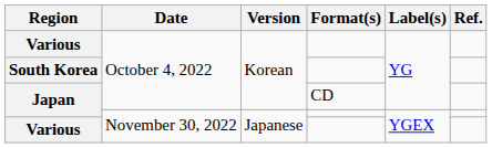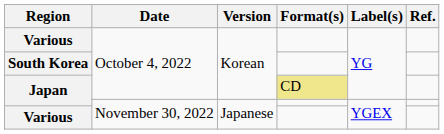 <table class="wikitable plainrowheaders">
 <tr>
 <th scope="col">Region</th>
 <th scope="col">Date</th>
 <th scope="col">Version</th>
 <th scope="col">Format(s)</th>
 <th scope="col">Label(s)</th>
 <th scope="col">Ref.</th>
 </tr>
 <tr>
 <th scope="row">Various</th>
 <td rowspan="3">October 4, 2022</td>
 <td rowspan="3">Korean</td>
 <td></td>
 <td rowspan="3"><a href='#'>YG</a></td>
 <td align="center"></td>
 </tr>
 <tr>
 <th scope="row">South Korea</th>
 <td></td>
 <td align="center"></td>
 </tr>
 <tr>
 <th rowspan="2" scope="row">Japan</th>
-<td>CD</td>
+<td style="background: khaki;">CD</td>
 <td align="center"></td>
 </tr>
 <tr>
 <td rowspan="2">November 30, 2022</td>
 <td rowspan="2">Japanese</td>
 <td></td>
 <td rowspan="2"><a href='#'>YGEX</a></td>
 <td align="center"></td>
 </tr>
 <tr>
 <th scope="row">Various</th>
 <td></td>
 <td align="center"></td>
 </tr>
 </table>
